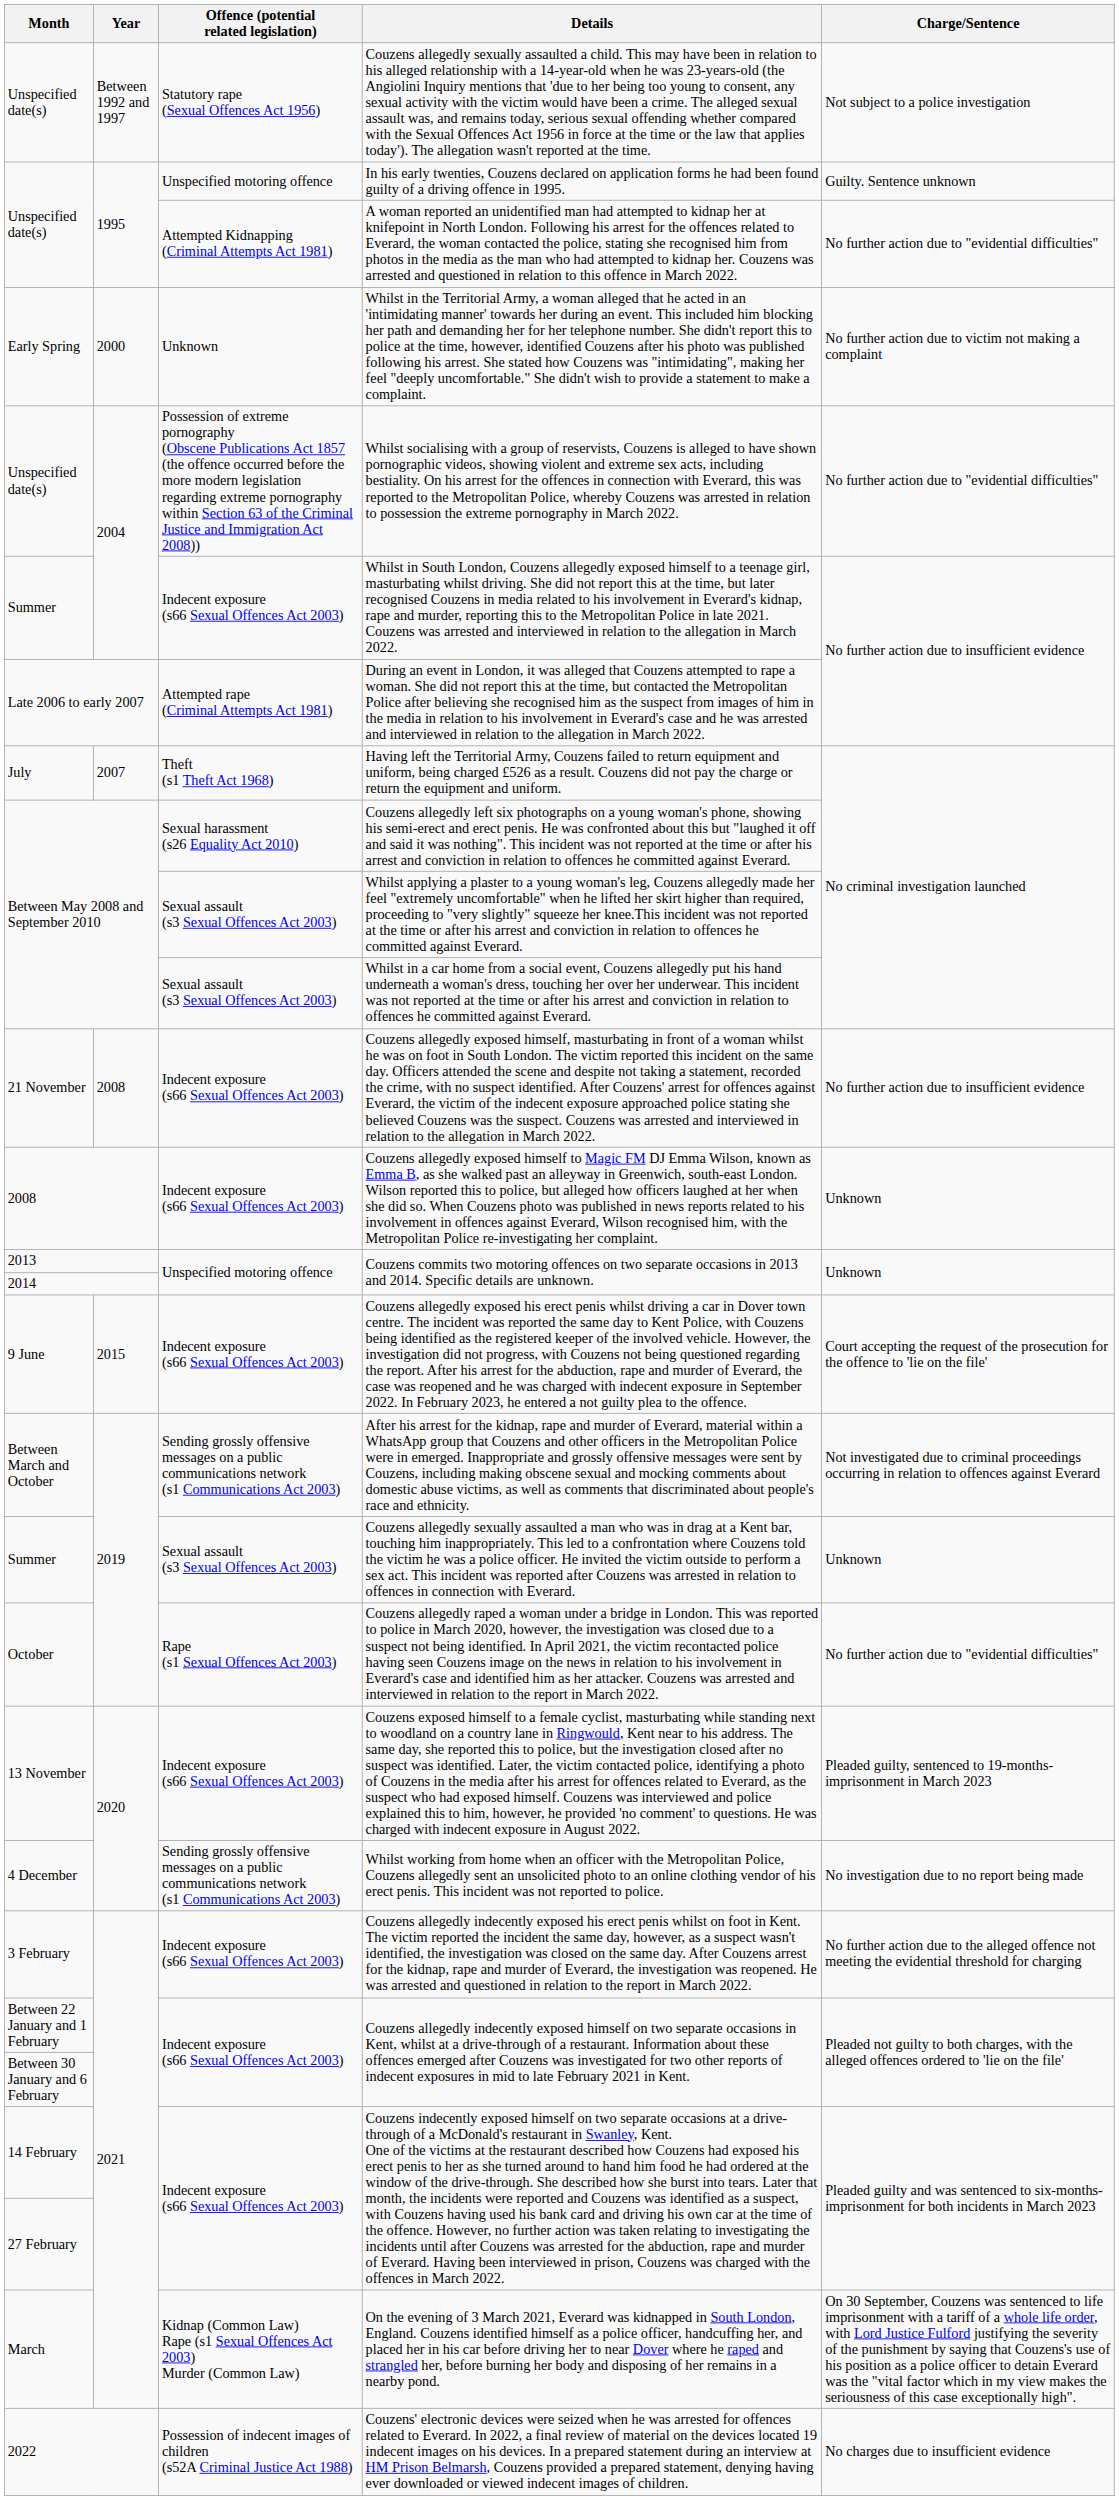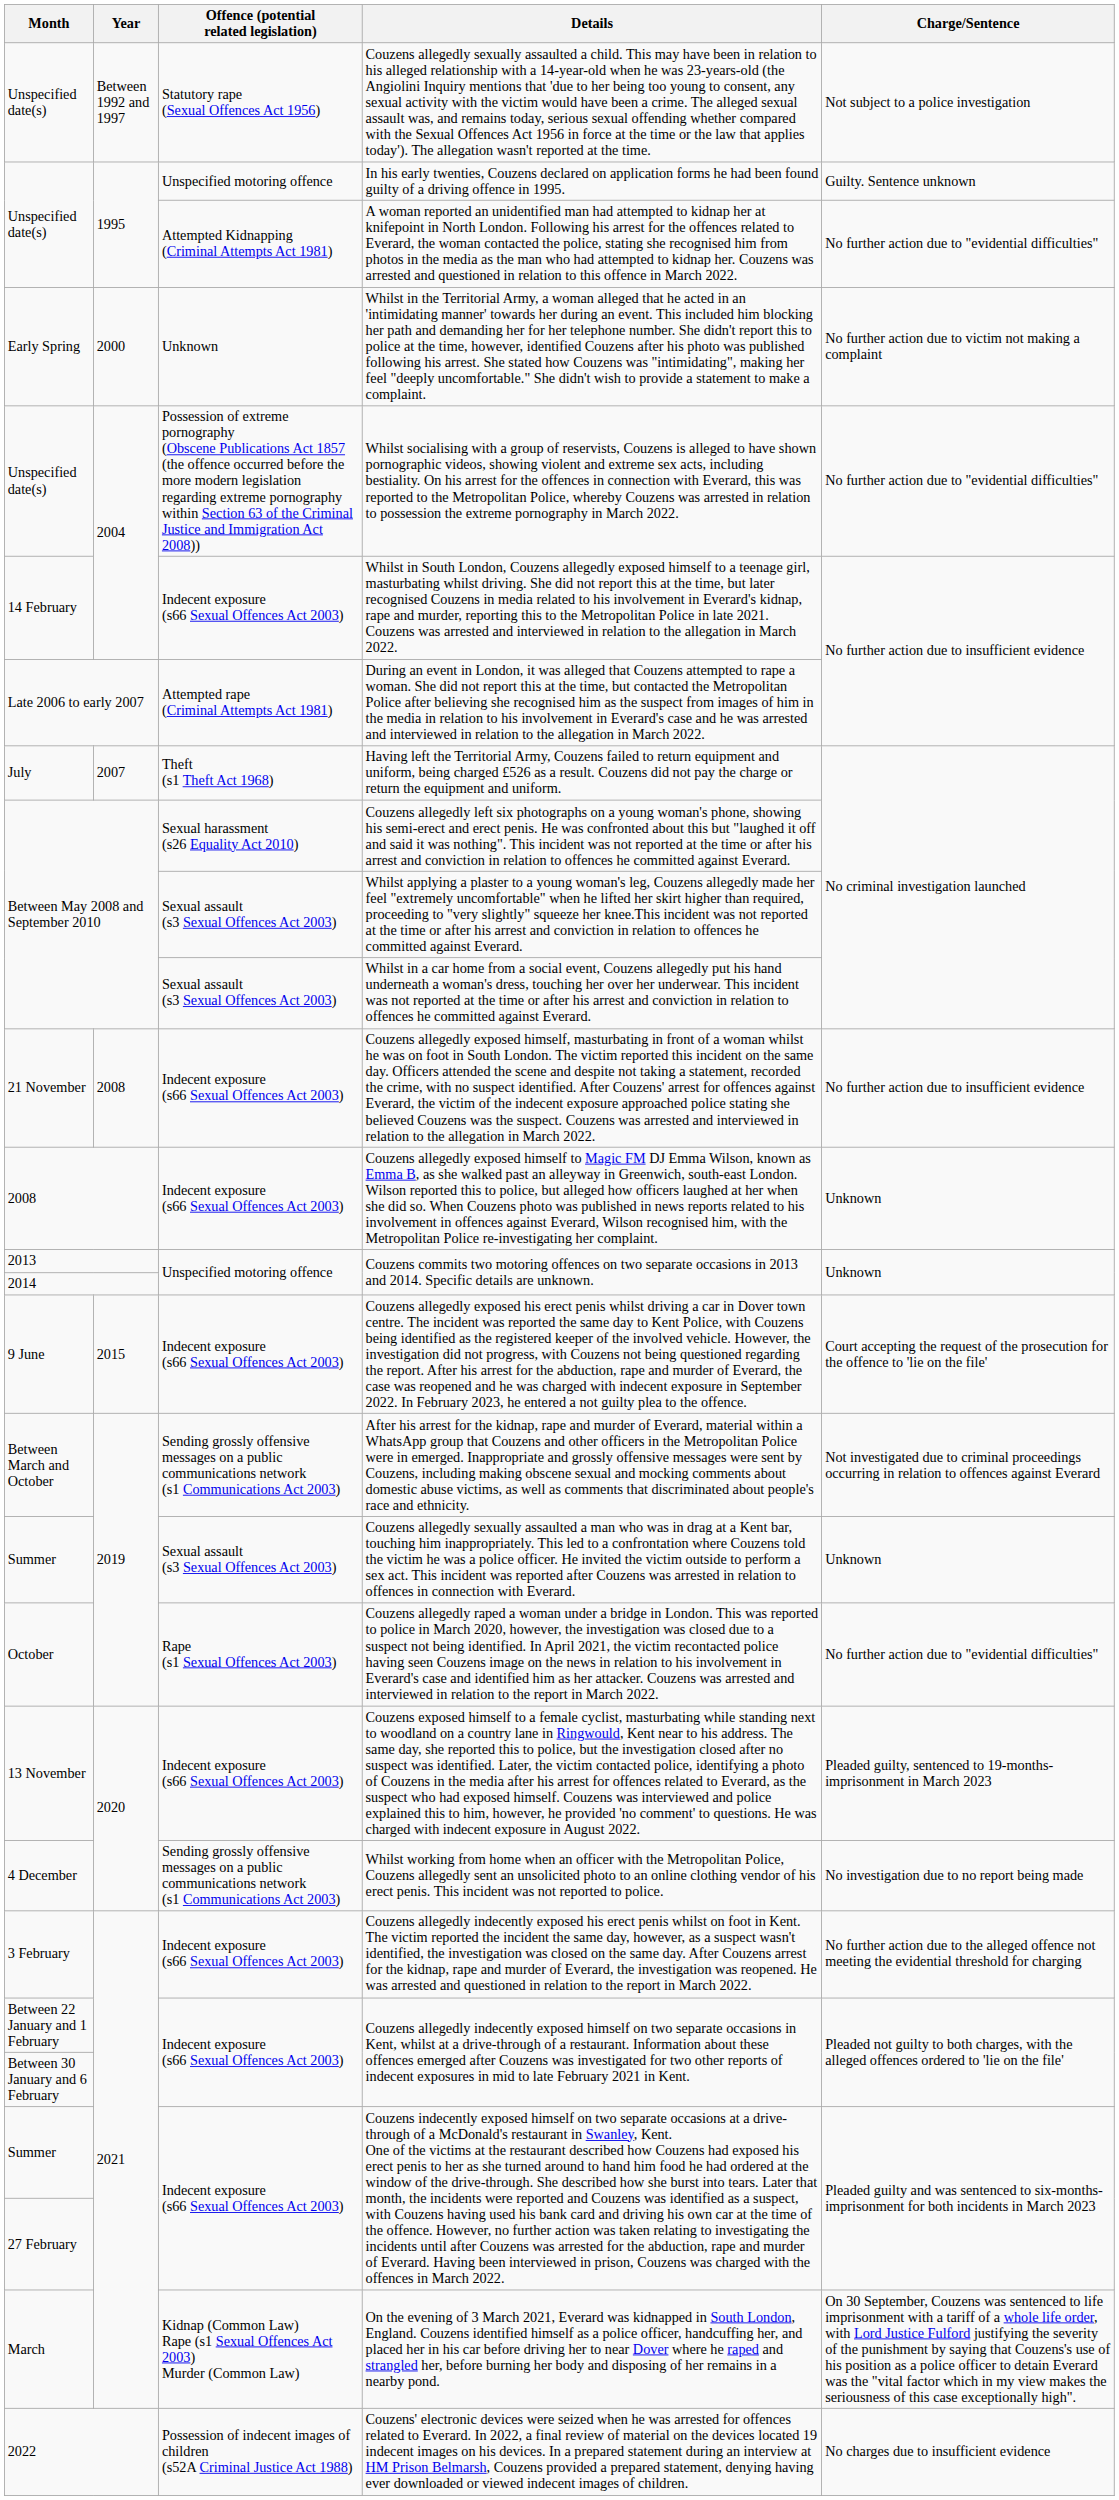 <table class="wikitable mw-collapsible">
 <tr>
 <th>Month</th>
 <th>Year</th>
 <th>Offence (potential<br>related legislation)</th>
 <th>Details</th>
 <th>Charge/Sentence</th>
 </tr>
 <tr>
 <td>Unspecified date(s)</td>
 <td>Between 1992 and 1997</td>
 <td>Statutory rape<br>(<a href='#'>Sexual Offences Act 1956</a>)</td>
 <td>Couzens allegedly sexually assaulted a child. This may have been in relation to his alleged relationship with a 14-year-old when he was 23-years-old (the Angiolini Inquiry mentions that 'due to her being too young to consent, any sexual activity with the victim would have been a crime. The alleged sexual assault was, and remains today, serious sexual offending whether compared with the Sexual Offences Act 1956 in force at the time or the law that applies today'). The allegation wasn't reported at the time.</td>
 <td>Not subject to a police investigation</td>
 </tr>
 <tr>
 <td rowspan="2">Unspecified date(s)</td>
 <td rowspan="2">1995</td>
 <td>Unspecified motoring offence</td>
 <td>In his early twenties, Couzens declared on application forms he had been found guilty of a driving offence in 1995.</td>
 <td>Guilty. Sentence unknown</td>
 </tr>
 <tr>
 <td>Attempted Kidnapping<br>(<a href='#'>Criminal Attempts Act 1981</a>)</td>
 <td>A woman reported an unidentified man had attempted to kidnap her at knifepoint in North London. Following his arrest for the offences related to Everard, the woman contacted the police, stating she recognised him from photos in the media as the man who had attempted to kidnap her. Couzens was arrested and questioned in relation to this offence in March 2022.</td>
 <td>No further action due to "evidential difficulties"</td>
 </tr>
 <tr>
 <td>Early Spring</td>
 <td>2000</td>
 <td>Unknown</td>
 <td>Whilst in the Territorial Army, a woman alleged that he acted in an 'intimidating manner' towards her during an event. This included him blocking her path and demanding her for her telephone number. She didn't report this to police at the time, however, identified Couzens after his photo was published following his arrest. She stated how Couzens was "intimidating", making her feel "deeply uncomfortable." She didn't wish to provide a statement to make a complaint.</td>
 <td>No further action due to victim not making a complaint</td>
 </tr>
 <tr>
 <td>Unspecified date(s)</td>
 <td rowspan="2">2004</td>
 <td>Possession  of extreme pornography<br>(<a href='#'>Obscene Publications Act 1857</a> (the offence occurred before the more modern legislation regarding extreme pornography within <a href='#'>Section 63 of the Criminal Justice and Immigration Act 2008</a>))</td>
 <td>Whilst socialising with a group of reservists, Couzens is alleged to have shown pornographic videos, showing violent and extreme sex acts, including bestiality. On his arrest for the offences in connection with Everard, this was reported to the Metropolitan Police, whereby Couzens was arrested in relation to possession the extreme pornography in March 2022.</td>
 <td>No further action due to "evidential difficulties"</td>
 </tr>
 <tr>
-<td>Summer</td>
+<td>14 February</td>
 <td>Indecent exposure<br>(s66 <a href='#'>Sexual Offences Act 2003</a>)</td>
 <td>Whilst in South London, Couzens allegedly exposed himself to a teenage girl, masturbating whilst driving. She did not report this at the time, but later recognised Couzens in media related to his involvement in Everard's kidnap, rape and murder, reporting this to the Metropolitan Police in late 2021. Couzens was arrested and interviewed in relation to the allegation in March 2022.</td>
 <td rowspan="2">No further action due to insufficient evidence</td>
 </tr>
 <tr>
 <td colspan="2">Late 2006 to early 2007</td>
 <td>Attempted rape<br>(<a href='#'>Criminal Attempts Act 1981</a>)</td>
 <td>During an event in London, it was alleged that Couzens attempted to rape a woman. She did not report this at the time, but contacted the Metropolitan Police after believing she recognised him as the suspect from images of him in the media in relation to his involvement in Everard's case and he was arrested and interviewed in relation to the allegation in March 2022.</td>
 </tr>
 <tr>
 <td>July</td>
 <td>2007</td>
 <td>Theft<br>(s1 <a href='#'>Theft Act 1968</a>)</td>
 <td>Having left the Territorial Army, Couzens failed to return equipment and uniform, being charged £526 as a result. Couzens did not pay the charge or return the equipment and uniform.</td>
 <td rowspan="4">No criminal investigation launched</td>
 </tr>
 <tr>
 <td colspan="2" rowspan="3">Between May 2008 and September 2010</td>
 <td>Sexual harassment<br>(s26 <a href='#'>Equality Act 2010</a>)</td>
 <td>Couzens allegedly left six photographs on a young woman's phone, showing his semi-erect and erect penis. He was confronted about this but "laughed it off and said it was nothing". This incident was not reported at the time or after his arrest and conviction in relation to offences he committed against Everard.</td>
 </tr>
 <tr>
 <td>Sexual assault<br>(s3 <a href='#'>Sexual Offences Act 2003</a>)</td>
 <td>Whilst applying a plaster to a young woman's leg, Couzens allegedly made her feel "extremely uncomfortable" when he lifted her skirt higher than required, proceeding to "very slightly" squeeze her knee.This incident was not reported at the time or after his arrest and conviction in relation to  offences he committed against Everard.</td>
 </tr>
 <tr>
 <td>Sexual assault<br>(s3 <a href='#'>Sexual Offences Act 2003</a>)</td>
 <td>Whilst in a car home from a social event, Couzens allegedly put his hand underneath a woman's dress, touching her over her underwear. This incident was not reported at the time or after his arrest and conviction in relation to  offences he committed against Everard.</td>
 </tr>
 <tr>
 <td>21 November</td>
 <td>2008</td>
 <td>Indecent exposure<br>(s66 <a href='#'>Sexual Offences Act 2003</a>)</td>
 <td>Couzens allegedly exposed himself, masturbating in front of a woman whilst he was on foot in South London. The  victim reported this incident on the same day. Officers attended the scene and despite not taking a statement, recorded the crime, with no suspect identified. After Couzens' arrest for offences against Everard, the victim of the indecent exposure approached police stating she believed Couzens was the suspect. Couzens was arrested and interviewed in relation to the allegation in March 2022.</td>
 <td>No further action due to insufficient evidence</td>
 </tr>
 <tr>
 <td colspan="2">2008</td>
 <td>Indecent exposure<br>(s66 <a href='#'>Sexual Offences Act 2003</a>)</td>
 <td>Couzens allegedly exposed himself to <a href='#'>Magic FM</a> DJ Emma Wilson, known as <a href='#'>Emma B</a>, as she walked past an alleyway in Greenwich, south-east London. Wilson reported this to police, but alleged how officers laughed at her when she did so. When Couzens photo was published in news reports related to his involvement in offences against Everard, Wilson recognised him, with the Metropolitan Police re-investigating her complaint.</td>
 <td>Unknown</td>
 </tr>
 <tr>
 <td colspan="2">2013</td>
 <td rowspan="2">Unspecified motoring offence</td>
 <td rowspan="2">Couzens commits two motoring offences on two separate occasions in 2013 and 2014. Specific details are unknown.</td>
 <td rowspan="2">Unknown</td>
 </tr>
 <tr>
 <td colspan="2">2014</td>
 </tr>
 <tr>
 <td>9 June</td>
 <td>2015</td>
 <td>Indecent exposure<br>(s66 <a href='#'>Sexual Offences Act 2003</a>)</td>
 <td>Couzens allegedly exposed his erect penis whilst driving a car in Dover town centre. The incident was reported the same day to Kent Police, with Couzens being identified as the registered keeper of the involved vehicle. However, the investigation did not progress, with Couzens not being questioned regarding the report. After his arrest for the abduction, rape and murder of Everard, the case was reopened and he was charged with indecent exposure in September 2022. In February 2023, he entered a not guilty plea to the offence.</td>
 <td>Court accepting the request of the prosecution for the offence to 'lie on the file'</td>
 </tr>
 <tr>
 <td>Between March and October</td>
 <td rowspan="3">2019</td>
 <td>Sending grossly offensive messages on a public communications network<br>(s1 <a href='#'>Communications Act 2003</a>)</td>
 <td>After his arrest for the kidnap, rape and murder of Everard, material within a WhatsApp group that Couzens and other officers in the Metropolitan Police were in emerged. Inappropriate and grossly offensive messages were sent by Couzens, including making obscene sexual and mocking comments about domestic abuse victims, as well as comments that discriminated about people's race and ethnicity.</td>
 <td>Not investigated due to criminal proceedings occurring in relation to offences against Everard</td>
 </tr>
 <tr>
 <td>Summer</td>
 <td>Sexual assault<br>(s3 <a href='#'>Sexual Offences Act 2003</a>)</td>
 <td>Couzens allegedly sexually assaulted a man who was in drag at a Kent bar, touching him inappropriately. This led to a confrontation where Couzens told the victim he was a police officer. He invited the victim outside to perform a sex act. This incident was reported after Couzens was arrested in relation to offences in connection with Everard.</td>
 <td>Unknown</td>
 </tr>
 <tr>
 <td>October</td>
 <td>Rape<br>(s1 <a href='#'>Sexual Offences Act 2003</a>)</td>
 <td>Couzens allegedly raped a woman under a bridge in London. This was reported to police in March 2020, however, the investigation was closed due to a suspect not being identified. In April 2021, the victim recontacted police having seen Couzens image on the news in relation to his involvement in Everard's case and identified him as her attacker. Couzens was arrested and interviewed in relation to the report in March 2022.</td>
 <td>No further action due to "evidential difficulties"</td>
 </tr>
 <tr>
 <td>13 November</td>
 <td rowspan="2">2020</td>
 <td>Indecent exposure<br>(s66 <a href='#'>Sexual Offences Act 2003</a>)</td>
 <td>Couzens exposed himself to a female cyclist, masturbating while standing next to woodland on a country lane in <a href='#'>Ringwould</a>, Kent  near to his address. The same day, she reported this to police, but the investigation closed after no suspect was identified. Later, the victim contacted police, identifying a photo of Couzens in the media after his arrest for offences related to Everard, as the suspect who had exposed himself. Couzens was interviewed and police explained this to him, however, he provided 'no comment' to questions. He was charged with indecent exposure in August 2022.</td>
 <td>Pleaded guilty, sentenced to 19-months-imprisonment in March 2023</td>
 </tr>
 <tr>
 <td>4 December</td>
 <td>Sending grossly offensive messages on a public communications network<br>(s1 <a href='#'>Communications Act 2003</a>)</td>
 <td>Whilst working from home when an officer with the Metropolitan Police, Couzens allegedly sent an unsolicited photo to an online clothing vendor of his erect penis. This incident was not reported to police.</td>
 <td>No investigation due to no report being made</td>
 </tr>
 <tr>
 <td>3 February</td>
 <td rowspan="6">2021</td>
 <td>Indecent exposure<br>(s66 <a href='#'>Sexual Offences Act 2003</a>)</td>
 <td>Couzens allegedly indecently exposed his erect penis whilst on foot in Kent. The victim reported the incident the same day, however, as a suspect wasn't identified, the investigation was closed on the same day. After Couzens arrest for the kidnap, rape and murder of Everard, the investigation was reopened. He was arrested and questioned in relation to the report in March 2022.</td>
 <td>No further action due to the alleged offence not meeting the evidential threshold for charging</td>
 </tr>
 <tr>
 <td>Between 22 January and 1 February</td>
 <td rowspan="2">Indecent exposure<br>(s66 <a href='#'>Sexual Offences Act 2003</a>)</td>
 <td rowspan="2">Couzens allegedly indecently exposed himself on two separate occasions in Kent, whilst at a drive-through of a restaurant. Information about these offences emerged after Couzens was investigated for two other reports of indecent exposures in mid to late February 2021 in Kent.</td>
 <td rowspan="2">Pleaded not guilty to both charges, with the alleged offences ordered to 'lie on the file'</td>
 </tr>
 <tr>
 <td>Between 30 January and 6 February</td>
 </tr>
 <tr>
-<td>14 February</td>
+<td>Summer</td>
 <td rowspan="2">Indecent exposure<br>(s66 <a href='#'>Sexual Offences Act 2003</a>)</td>
 <td rowspan="2">Couzens indecently exposed himself on two separate occasions at a drive-through of a McDonald's restaurant in <a href='#'>Swanley</a>, Kent.<br>One of the victims at the restaurant described how Couzens had exposed his erect penis to her as she turned around to hand him food he had ordered at the window of the drive-through. She described how she burst into tears. Later that month, the incidents were reported and Couzens was identified as a suspect, with Couzens having used his bank card and driving his own car at the time of the offence. However, no further action was taken relating to investigating the incidents until after Couzens was arrested for the abduction, rape and murder of Everard. Having been interviewed in prison, Couzens was charged with the offences in March 2022.</td>
 <td rowspan="2">Pleaded guilty and was sentenced to six-months-imprisonment for both incidents in March 2023</td>
 </tr>
 <tr>
 <td>27 February</td>
 </tr>
 <tr>
 <td>March</td>
 <td>Kidnap (Common Law)<br>Rape (s1 <a href='#'>Sexual Offences Act 2003</a>)<br>Murder (Common Law)</td>
 <td>On the evening of 3 March 2021, Everard was kidnapped in <a href='#'>South London</a>, England. Couzens identified himself as a police officer, handcuffing her, and placed her in his car before driving her to near <a href='#'>Dover</a> where he <a href='#'>raped</a> and <a href='#'>strangled</a> her, before burning her body and disposing of her remains in a nearby pond.</td>
 <td>On 30 September, Couzens was sentenced to life imprisonment with a tariff of a <a href='#'>whole life order</a>, with <a href='#'>Lord Justice Fulford</a> justifying the severity of the punishment by saying that Couzens's use of his position as a police officer to detain Everard was the "vital factor which in my view makes the seriousness of this case exceptionally high".</td>
 </tr>
 <tr>
 <td colspan="2">2022</td>
 <td>Possession of indecent images of children<br>(s52A <a href='#'>Criminal Justice Act 1988</a>)</td>
 <td>Couzens' electronic devices were seized when he was arrested for offences related to Everard. In 2022, a final review of material on the devices located 19 indecent images on his devices. In a prepared statement during an interview at <a href='#'>HM Prison Belmarsh</a>, Couzens provided a prepared statement, denying having ever downloaded or viewed indecent images of children.</td>
 <td>No charges due to insufficient evidence</td>
 </tr>
 </table>
